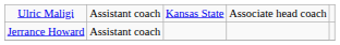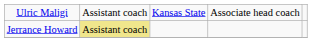 <table class="wikitable">
 <tr align=center>
 <td><a href='#'>Ulric Maligi</a></td>
 <td>Assistant coach</td>
 <td><a href='#'>Kansas State</a></td>
 <td>Associate head coach</td>
 <td></td>
 </tr>
 <tr align=center>
 <td><a href='#'>Jerrance Howard</a></td>
-<td>Assistant coach</td>
+<td style="background: khaki;">Assistant coach</td>
 <td></td>
 <td></td>
 <td></td>
 </tr>
 <tr>
 </tr>
 </table>
